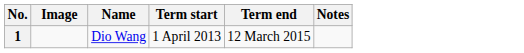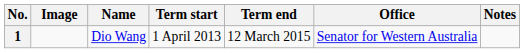 <table class="wikitable" style="text-align:center">
 <tr>
 <th>No.</th>
 <th width=60>Image</th>
 <th>Name</th>
 <th>Term start</th>
 <th>Term end</th>
+<th>Office</th>
 <th>Notes</th>
 </tr>
 <tr>
 <th style="background:">1</th>
 <td></td>
 <td><a href='#'>Dio Wang</a> <br> </td>
 <td>1 April 2013</td>
 <td>12 March 2015</td>
+<td><a href='#'>Senator for Western Australia</a><br> </td>
 <td></td>
 </tr>
 </table>
